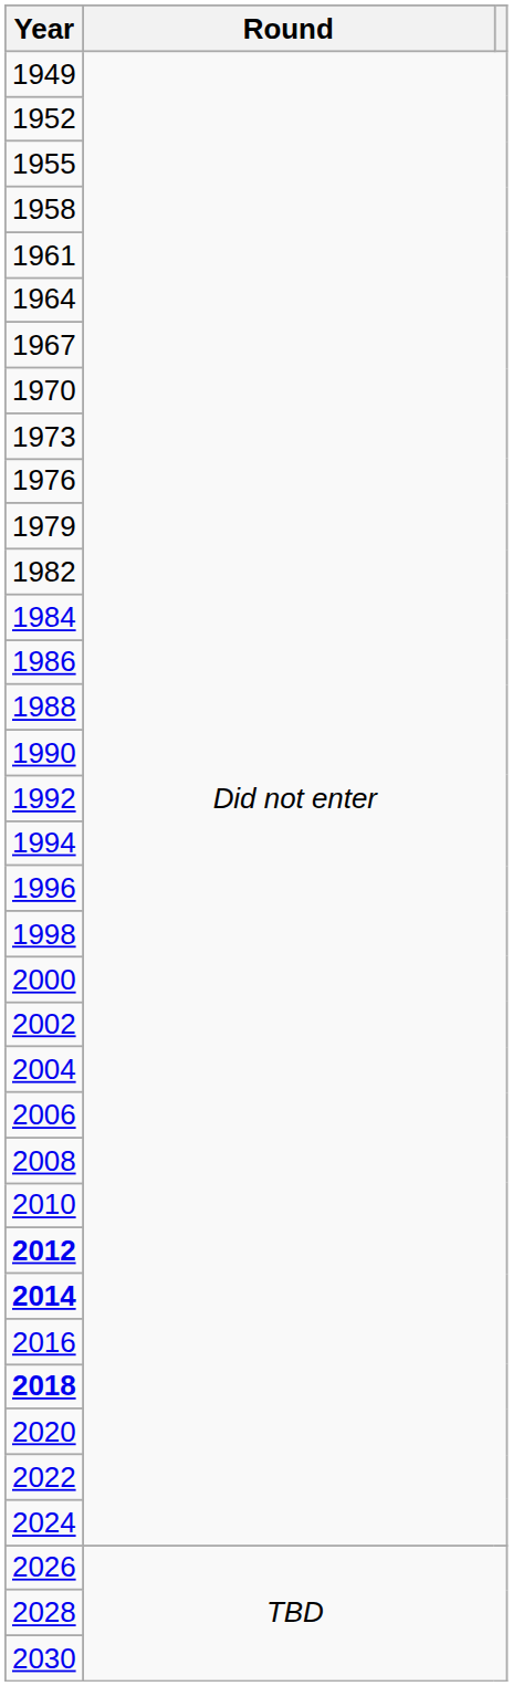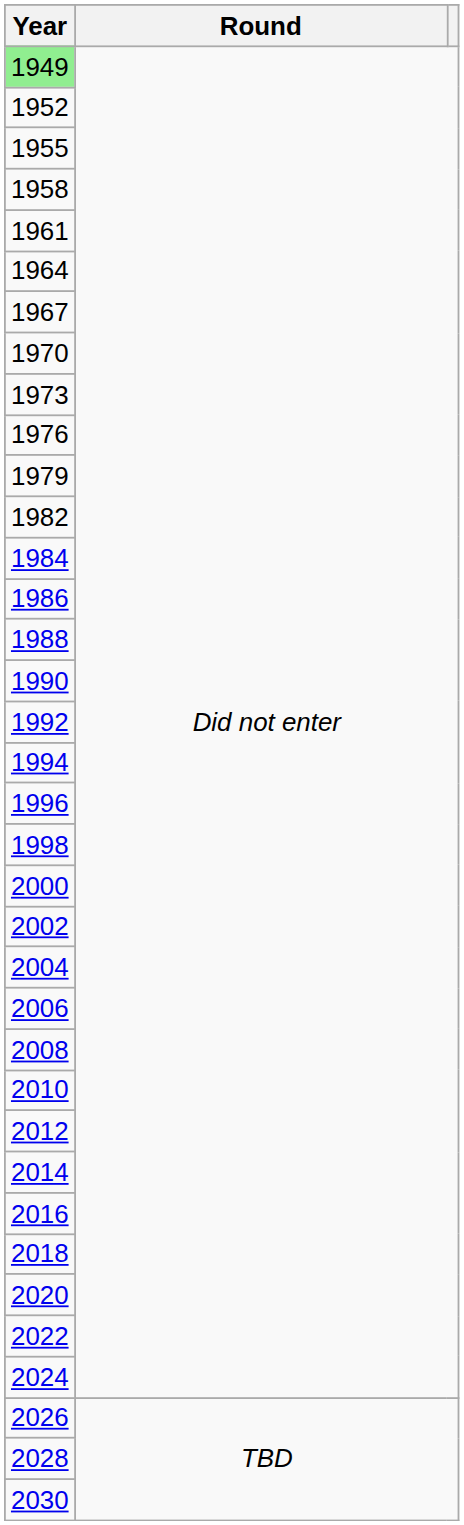 <table class="wikitable" style="text-align: center; font-size:90%">
 <tr>
 <th>Year</th>
 <th style="width:200px">Round</th>
 <th></th>
 </tr>
 <tr>
-<td>1949</td>
+<td style="background: lightgreen;">1949</td>
 <td colspan="2" rowspan="33"><em>Did not enter</em></td>
 </tr>
 <tr>
 <td>1952</td>
 </tr>
 <tr>
 <td>1955</td>
 </tr>
 <tr>
 <td>1958</td>
 </tr>
 <tr>
 <td>1961</td>
 </tr>
 <tr>
 <td>1964</td>
 </tr>
 <tr>
 <td>1967</td>
 </tr>
 <tr>
 <td>1970</td>
 </tr>
 <tr>
 <td>1973</td>
 </tr>
 <tr>
 <td>1976</td>
 </tr>
 <tr>
 <td>1979</td>
 </tr>
 <tr>
 <td>1982</td>
 </tr>
 <tr>
 <td><a href='#'>1984</a></td>
 </tr>
 <tr>
 <td><a href='#'>1986</a></td>
 </tr>
 <tr>
 <td><a href='#'>1988</a></td>
 </tr>
 <tr>
 <td><a href='#'>1990</a></td>
 </tr>
 <tr>
 <td><a href='#'>1992</a></td>
 </tr>
 <tr>
 <td><a href='#'>1994</a></td>
 </tr>
 <tr>
 <td><a href='#'>1996</a></td>
 </tr>
 <tr>
 <td><a href='#'>1998</a></td>
 </tr>
 <tr>
 <td><a href='#'>2000</a></td>
 </tr>
 <tr>
 <td><a href='#'>2002</a></td>
 </tr>
 <tr>
 <td><a href='#'>2004</a></td>
 </tr>
 <tr>
 <td><a href='#'>2006</a></td>
 </tr>
 <tr>
 <td><a href='#'>2008</a></td>
 </tr>
 <tr>
 <td><a href='#'>2010</a></td>
 </tr>
 <tr>
-<td><strong><a href='#'>2012</a></strong></td>
+<td><a href='#'>2012</a></td>
 </tr>
 <tr>
-<td><strong><a href='#'>2014</a></strong></td>
+<td><a href='#'>2014</a></td>
 </tr>
 <tr>
 <td><a href='#'>2016</a></td>
 </tr>
 <tr>
-<td><strong><a href='#'>2018</a></strong></td>
+<td><a href='#'>2018</a></td>
 </tr>
 <tr>
 <td><a href='#'>2020</a></td>
 </tr>
 <tr>
 <td><a href='#'>2022</a></td>
 </tr>
 <tr>
 <td><a href='#'>2024</a></td>
 </tr>
 <tr>
 <td><a href='#'>2026</a></td>
 <td colspan="2" rowspan="3"><em>TBD</em></td>
 </tr>
 <tr>
 <td><a href='#'>2028</a></td>
 </tr>
 <tr>
 <td><a href='#'>2030</a></td>
 </tr>
 </table>
